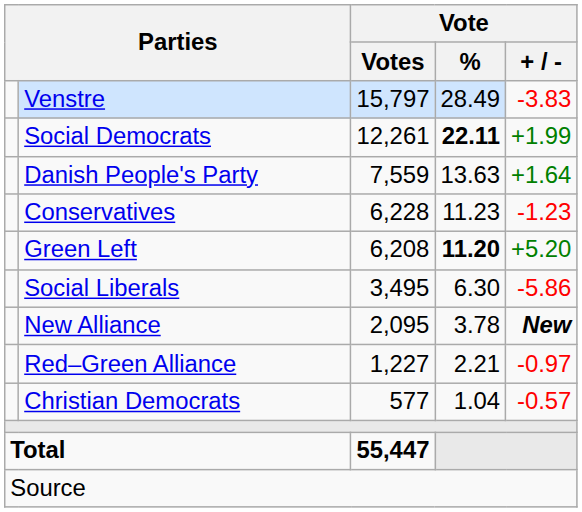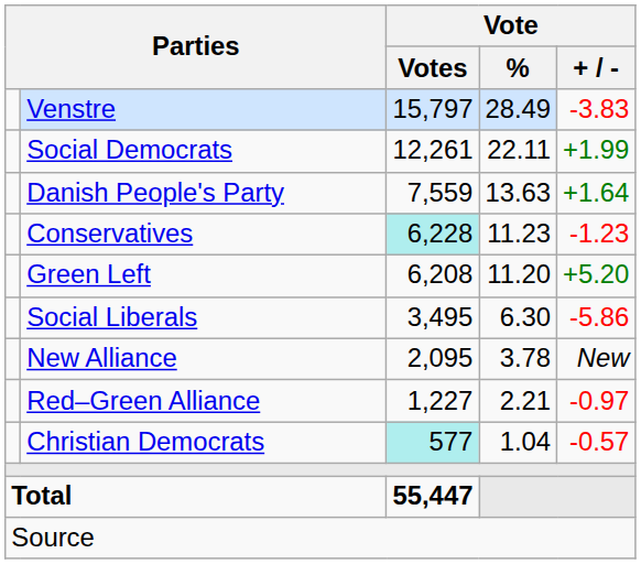 <table class="wikitable" style="text-align:right;">
 <tr>
 <th style="text-align:centre;" rowspan="2" colspan="2" width="225">Parties</th>
 <th colspan="3">Vote</th>
 </tr>
 <tr>
 <th width="15">Votes</th>
 <th width="15">%</th>
 <th width="15">+ / -</th>
 </tr>
 <tr>
 <td width="2" style="color:inherit;background:"></td>
 <td bgcolor=#cfe5fe  align="left"><a href='#'>Venstre</a></td>
 <td bgcolor=#cfe5fe>15,797</td>
 <td bgcolor=#cfe5fe>28.49</td>
 <td style=color:red;>-3.83</td>
 </tr>
 <tr>
 <td width="2" style="color:inherit;background:"></td>
 <td align="left"><a href='#'>Social Democrats</a></td>
 <td>12,261</td>
-<td><strong>22.11</strong></td>
+<td>22.11</td>
 <td style=color:green;>+1.99</td>
 </tr>
 <tr>
 <td width="2" style="color:inherit;background:"></td>
 <td align="left"><a href='#'>Danish People's Party</a></td>
 <td>7,559</td>
 <td>13.63</td>
 <td style=color:green;>+1.64</td>
 </tr>
 <tr>
 <td width="2" style="color:inherit;background:"></td>
 <td align="left"><a href='#'>Conservatives</a></td>
-<td>6,228</td>
+<td style="background: paleturquoise;">6,228</td>
 <td>11.23</td>
 <td style=color:red;>-1.23</td>
 </tr>
 <tr>
 <td width="2" style="color:inherit;background:"></td>
 <td align="left"><a href='#'>Green Left</a></td>
 <td>6,208</td>
-<td><strong>11.20</strong></td>
+<td>11.20</td>
 <td style=color:green;>+5.20</td>
 </tr>
 <tr>
 <td width="2" style="color:inherit;background:"></td>
 <td align="left"><a href='#'>Social Liberals</a></td>
 <td>3,495</td>
 <td>6.30</td>
 <td style=color:red;>-5.86</td>
 </tr>
 <tr>
 <td width="2" style="color:inherit;background:"></td>
 <td align="left"><a href='#'>New Alliance</a></td>
 <td>2,095</td>
 <td>3.78</td>
-<td><strong><em>New</em></strong></td>
+<td><em>New</em></td>
 </tr>
 <tr>
 <td width="2" style="color:inherit;background:"></td>
 <td align="left"><a href='#'>Red–Green Alliance</a></td>
 <td>1,227</td>
 <td>2.21</td>
 <td style=color:red;>-0.97</td>
 </tr>
 <tr>
 <td width="2" style="color:inherit;background:"></td>
 <td align="left"><a href='#'>Christian Democrats</a></td>
-<td>577</td>
+<td style="background: paleturquoise;">577</td>
 <td>1.04</td>
 <td style=color:red;>-0.57</td>
 </tr>
 <tr>
 <td colspan="7" bgcolor="#E9E9E9"></td>
 </tr>
 <tr>
 <td align="left" colspan="2"><strong>Total</strong></td>
 <td><strong>55,447</strong></td>
 <td bgcolor="#E9E9E9" colspan="2"></td>
 </tr>
 <tr>
 <td align="left" colspan="6">Source</td>
 </tr>
 </table>
